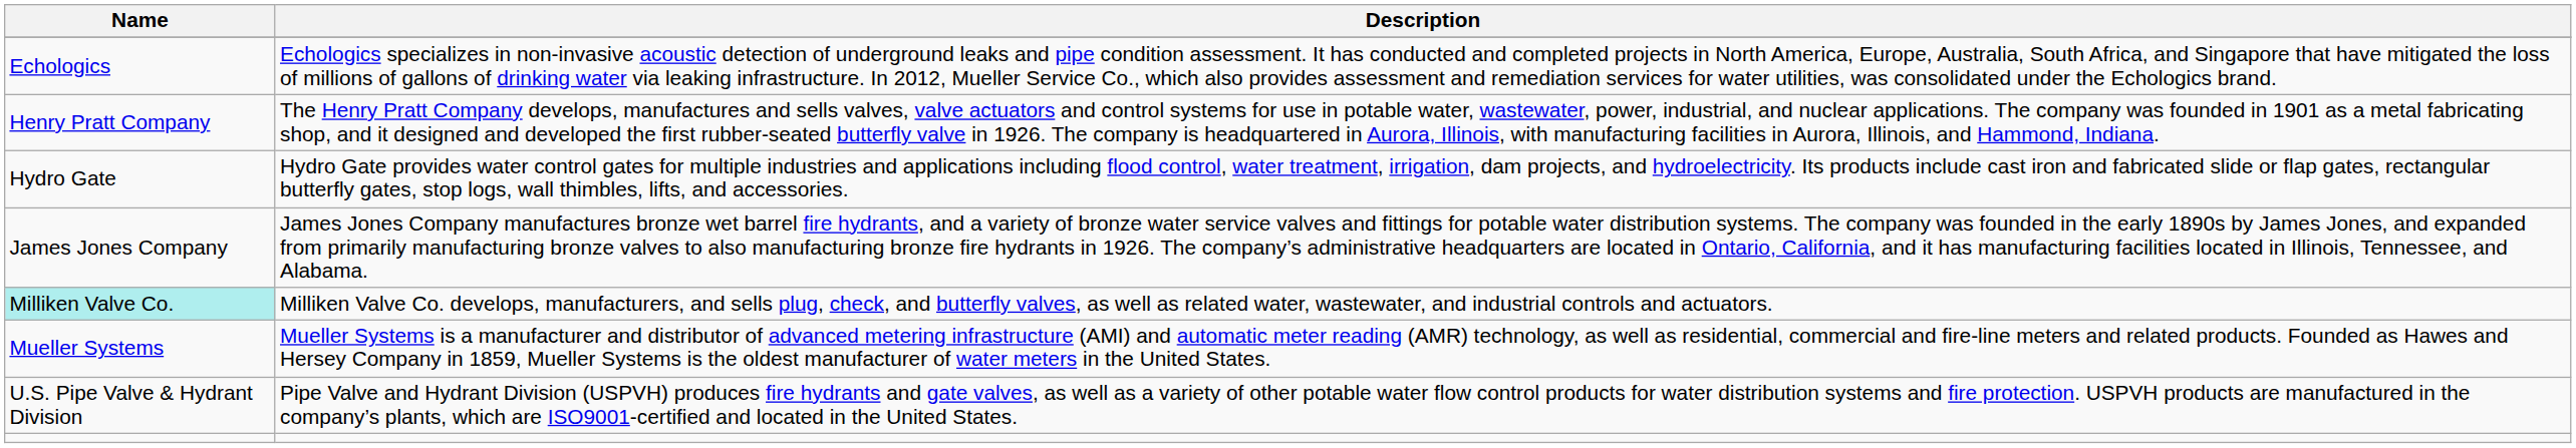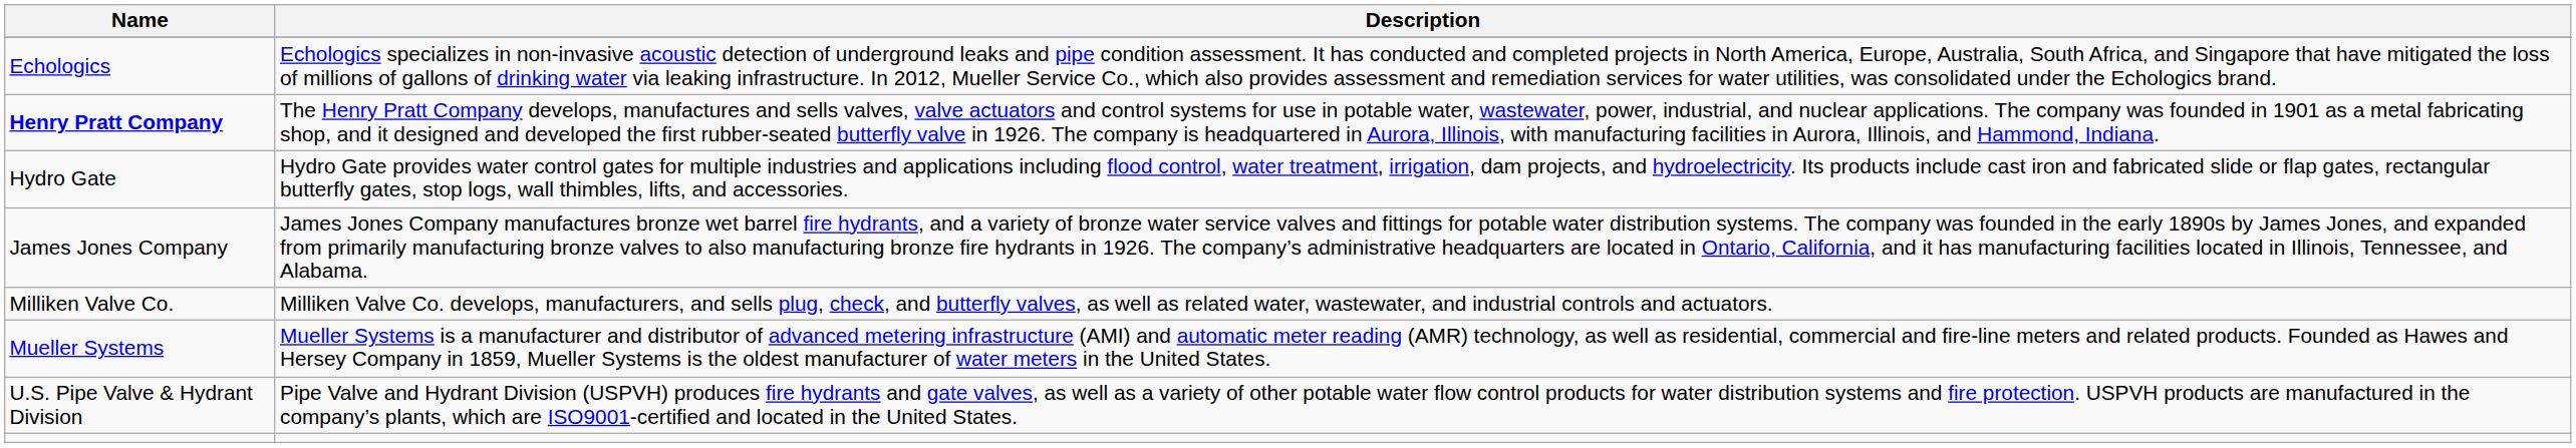 <table class="wikitable sortable">
 <tr>
 <th style="width:200px;">Name</th>
 <th style="width:*;">Description</th>
 </tr>
 <tr>
 </tr>
 <tr>
 <td><a href='#'>Echologics</a></td>
 <td><a href='#'>Echologics</a> specializes in non-invasive <a href='#'>acoustic</a> detection of underground leaks and <a href='#'>pipe</a> condition assessment. It has conducted and completed projects in North America, Europe, Australia, South Africa, and Singapore that have mitigated the loss of millions of gallons of <a href='#'>drinking water</a> via leaking infrastructure. In 2012, Mueller Service Co., which also provides assessment and remediation services for water utilities, was consolidated under the Echologics brand.</td>
 </tr>
 <tr>
-<td><a href='#'>Henry Pratt Company</a></td>
+<td><strong><a href='#'>Henry Pratt Company</a></strong></td>
 <td>The <a href='#'>Henry Pratt Company</a> develops, manufactures and sells valves, <a href='#'>valve actuators</a> and control systems for use in potable water, <a href='#'>wastewater</a>, power, industrial, and nuclear applications. The company was founded in 1901 as a metal fabricating shop, and it designed and developed the first rubber-seated <a href='#'>butterfly valve</a> in 1926. The company is headquartered in <a href='#'>Aurora, Illinois</a>, with manufacturing facilities in Aurora, Illinois, and <a href='#'>Hammond, Indiana</a>.</td>
 </tr>
 <tr>
 <td>Hydro Gate </td>
 <td>Hydro Gate provides water control gates for multiple industries and applications including <a href='#'>flood control</a>, <a href='#'>water treatment</a>, <a href='#'>irrigation</a>, dam projects, and <a href='#'>hydroelectricity</a>. Its products include cast iron and fabricated slide or flap gates, rectangular butterfly gates, stop logs, wall thimbles, lifts, and accessories.</td>
 </tr>
 <tr>
 <td>James Jones Company</td>
 <td>James Jones Company manufactures bronze wet barrel <a href='#'>fire hydrants</a>, and a variety of bronze water service valves and fittings for potable water distribution systems. The company was founded in the early 1890s by James Jones, and expanded from primarily manufacturing bronze valves to also manufacturing bronze fire hydrants in 1926. The company’s administrative headquarters are located in <a href='#'>Ontario, California</a>, and it has manufacturing facilities located in Illinois, Tennessee, and Alabama.</td>
 </tr>
 <tr>
-<td style="background: paleturquoise;">Milliken Valve Co.</td>
+<td>Milliken Valve Co.</td>
 <td>Milliken Valve Co. develops, manufacturers, and sells <a href='#'>plug</a>, <a href='#'>check</a>, and <a href='#'>butterfly valves</a>, as well as related water, wastewater, and industrial controls and actuators.</td>
 </tr>
 <tr>
 <td><a href='#'>Mueller Systems</a></td>
 <td><a href='#'>Mueller Systems</a> is a manufacturer and distributor of <a href='#'>advanced metering infrastructure</a> (AMI) and <a href='#'>automatic meter reading</a> (AMR) technology, as well as residential, commercial and fire-line meters and related products. Founded as Hawes and Hersey Company in 1859, Mueller Systems is the oldest manufacturer of <a href='#'>water meters</a> in the United States.</td>
 </tr>
 <tr>
 <td>U.S. Pipe Valve & Hydrant Division </td>
 <td>Pipe Valve and Hydrant Division (USPVH) produces <a href='#'>fire hydrants</a> and <a href='#'>gate valves</a>, as well as a variety of other potable water flow control products for water distribution systems and <a href='#'>fire protection</a>. USPVH products are manufactured in the company’s plants, which are <a href='#'>ISO9001</a>-certified and located in the United States.</td>
 </tr>
 <tr>
 <td></td>
 <td></td>
 </tr>
 </table>
